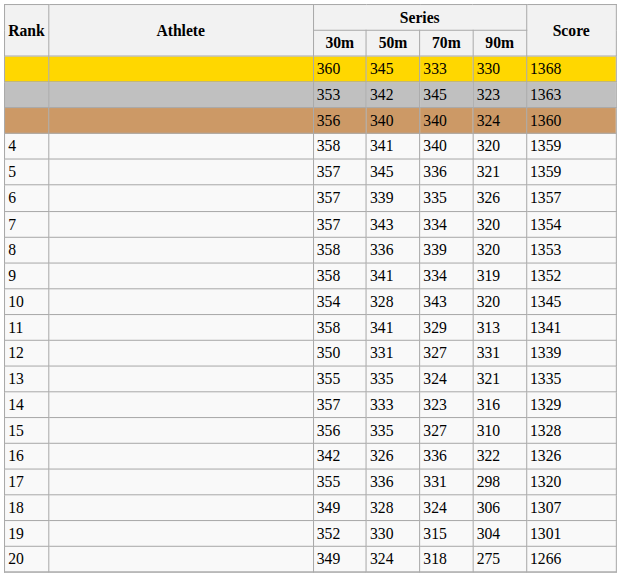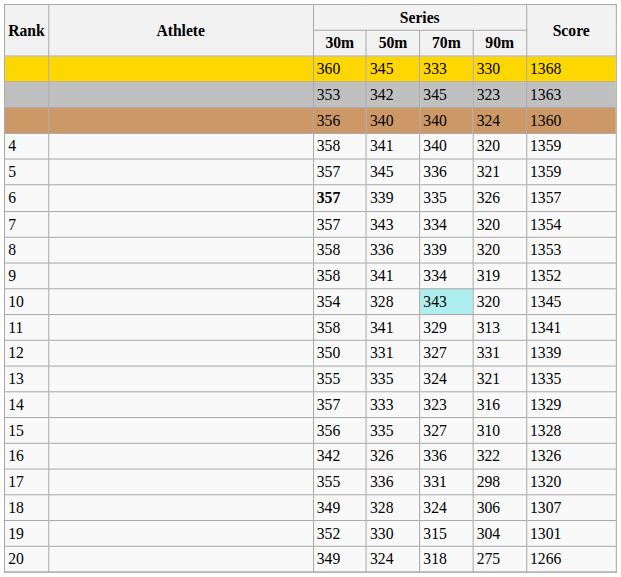 <table class="wikitable" style="font-size:95%" style="width:35em;" style="text-align:center">
 <tr>
 <th rowspan=2>Rank</th>
 <th rowspan=2 width=250>Athlete</th>
 <th colspan=4 width=200>Series</th>
 <th rowspan=2 width=80>Score</th>
 </tr>
 <tr>
 <th>30m</th>
 <th>50m</th>
 <th>70m</th>
 <th>90m</th>
 </tr>
 <tr bgcolor=gold>
 <td></td>
 <td align=left></td>
 <td>360</td>
 <td>345</td>
 <td>333</td>
 <td>330</td>
 <td>1368</td>
 </tr>
 <tr bgcolor=silver>
 <td></td>
 <td align=left></td>
 <td>353</td>
 <td>342</td>
 <td>345</td>
 <td>323</td>
 <td>1363</td>
 </tr>
 <tr bgcolor=cc9966>
 <td></td>
 <td align=left></td>
 <td>356</td>
 <td>340</td>
 <td>340</td>
 <td>324</td>
 <td>1360</td>
 </tr>
 <tr>
 <td>4</td>
 <td align=left></td>
 <td>358</td>
 <td>341</td>
 <td>340</td>
 <td>320</td>
 <td>1359</td>
 </tr>
 <tr>
 <td>5</td>
 <td align=left></td>
 <td>357</td>
 <td>345</td>
 <td>336</td>
 <td>321</td>
 <td>1359</td>
 </tr>
 <tr>
 <td>6</td>
 <td align=left></td>
-<td>357</td>
+<td><strong>357</strong></td>
 <td>339</td>
 <td>335</td>
 <td>326</td>
 <td>1357</td>
 </tr>
 <tr>
 <td>7</td>
 <td align=left></td>
 <td>357</td>
 <td>343</td>
 <td>334</td>
 <td>320</td>
 <td>1354</td>
 </tr>
 <tr>
 <td>8</td>
 <td align=left></td>
 <td>358</td>
 <td>336</td>
 <td>339</td>
 <td>320</td>
 <td>1353</td>
 </tr>
 <tr>
 <td>9</td>
 <td align=left></td>
 <td>358</td>
 <td>341</td>
 <td>334</td>
 <td>319</td>
 <td>1352</td>
 </tr>
 <tr>
 <td>10</td>
 <td align=left></td>
 <td>354</td>
 <td>328</td>
-<td>343</td>
+<td style="background: paleturquoise;">343</td>
 <td>320</td>
 <td>1345</td>
 </tr>
 <tr>
 <td>11</td>
 <td align=left></td>
 <td>358</td>
 <td>341</td>
 <td>329</td>
 <td>313</td>
 <td>1341</td>
 </tr>
 <tr>
 <td>12</td>
 <td align=left></td>
 <td>350</td>
 <td>331</td>
 <td>327</td>
 <td>331</td>
 <td>1339</td>
 </tr>
 <tr>
 <td>13</td>
 <td align=left></td>
 <td>355</td>
 <td>335</td>
 <td>324</td>
 <td>321</td>
 <td>1335</td>
 </tr>
 <tr>
 <td>14</td>
 <td align=left></td>
 <td>357</td>
 <td>333</td>
 <td>323</td>
 <td>316</td>
 <td>1329</td>
 </tr>
 <tr>
 <td>15</td>
 <td align=left></td>
 <td>356</td>
 <td>335</td>
 <td>327</td>
 <td>310</td>
 <td>1328</td>
 </tr>
 <tr>
 <td>16</td>
 <td align=left></td>
 <td>342</td>
 <td>326</td>
 <td>336</td>
 <td>322</td>
 <td>1326</td>
 </tr>
 <tr>
 <td>17</td>
 <td align=left></td>
 <td>355</td>
 <td>336</td>
 <td>331</td>
 <td>298</td>
 <td>1320</td>
 </tr>
 <tr>
 <td>18</td>
 <td align=left></td>
 <td>349</td>
 <td>328</td>
 <td>324</td>
 <td>306</td>
 <td>1307</td>
 </tr>
 <tr>
 <td>19</td>
 <td align=left></td>
 <td>352</td>
 <td>330</td>
 <td>315</td>
 <td>304</td>
 <td>1301</td>
 </tr>
 <tr>
 <td>20</td>
 <td align=left></td>
 <td>349</td>
 <td>324</td>
 <td>318</td>
 <td>275</td>
 <td>1266</td>
 </tr>
 <tr>
 </tr>
 </table>
